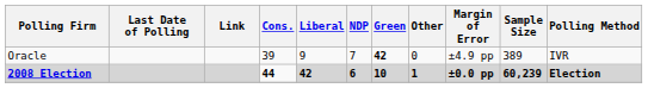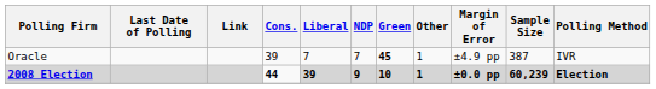 <table class="wikitable sortable">
 <tr style="background:#e9e9e9;">
 <th style="width:120px">Polling Firm</th>
 <th style="width:110px">Last Date<br>of Polling</th>
 <th style="width:60px" class="unsortable">Link</th>
 <th style="background-color:"><strong><a href='#'>Cons.</a></strong></th>
 <th style="background-color:"><strong><a href='#'>Liberal</a></strong></th>
 <th style="background-color:"><strong><a href='#'>NDP</a></strong></th>
 <th style="background-color:"><strong><a href='#'>Green</a></strong></th>
 <th style="background-color:"><strong>Other</strong></th>
 <th style="width:60px;" class=unsortable>Margin<br>of Error</th>
 <th style="width:50px;" class=unsortable>Sample<br>Size</th>
 <th class=unsortable>Polling Method</th>
 </tr>
 <tr>
 <td>Oracle</td>
 <td></td>
 <td></td>
 <td>39</td>
-<td>9</td>
 <td>7</td>
-<td><strong>42</strong></td>
-<td>0</td>
+<td>7</td>
+<td><strong>45</strong></td>
+<td>1</td>
 <td>±4.9 pp</td>
-<td>389</td>
+<td>387</td>
 <td>IVR</td>
 </tr>
 <tr>
 <td style="background:#D5D5D5"><strong><a href='#'>2008 Election</a></strong></td>
 <td style="background:#D5D5D5"><strong></strong></td>
 <td style="background:#D5D5D5"></td>
 <td><strong>44</strong></td>
-<td style="background:#D5D5D5"><strong>42</strong></td>
-<td style="background:#D5D5D5"><strong>6</strong></td>
+<td style="background:#D5D5D5"><strong>39</strong></td>
+<td style="background:#D5D5D5"><strong>9</strong></td>
 <td style="background:#D5D5D5"><strong>10</strong></td>
 <td style="background:#D5D5D5"><strong>1</strong></td>
 <td style="background:#D5D5D5"><strong>±0.0 pp</strong></td>
 <td style="background:#D5D5D5"><strong>60,239</strong></td>
 <td style="background:#D5D5D5"><strong>Election</strong></td>
 </tr>
 <tr>
 </tr>
 <tr>
 </tr>
 </table>
